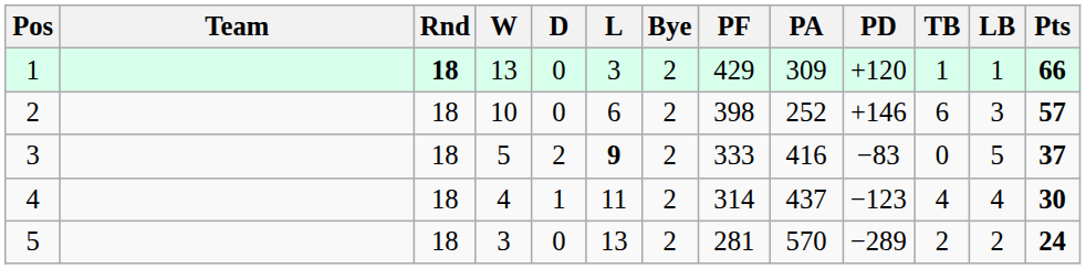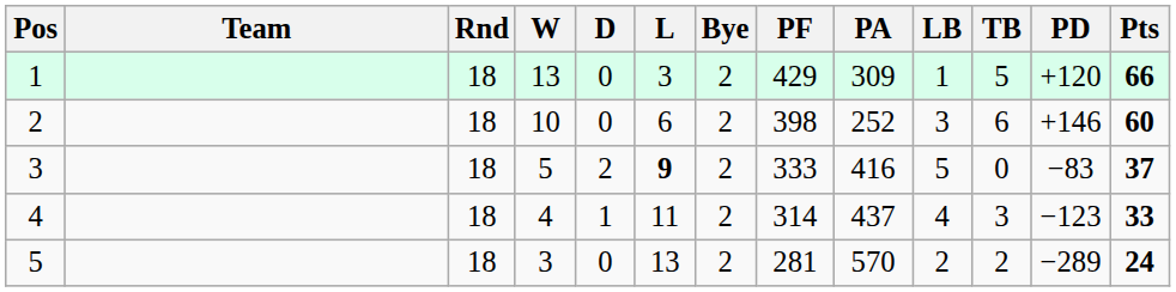 <table class="wikitable" style="text-align:center">
 <tr>
 <th style="width:25px">Pos</th>
 <th style="width:200px">Team</th>
 <th style="width:25px">Rnd</th>
 <th style="width:25px">W</th>
 <th style="width:25px">D</th>
 <th style="width:25px">L</th>
 <th style="width:25px">Bye</th>
 <th style="width:35px">PF</th>
 <th style="width:35px">PA</th>
+<th style="width:25px">LB</th>
+<th style="width:25px">TB</th>
 <th style="width:35px">PD</th>
-<th style="width:25px">TB</th>
-<th style="width:25px">LB</th>
 <th style="width:25px">Pts</th>
 </tr>
 <tr style="background:#d8ffeb">
 <td>1</td>
 <td align=left></td>
-<td><strong>18</strong></td>
+<td>18</td>
 <td>13</td>
 <td>0</td>
 <td>3</td>
 <td>2</td>
 <td>429</td>
 <td>309</td>
+<td>1</td>
+<td>5</td>
 <td>+120</td>
-<td>1</td>
-<td>1</td>
 <td><strong>66</strong></td>
 </tr>
 <tr>
 <td>2</td>
 <td align=left></td>
 <td>18</td>
 <td>10</td>
 <td>0</td>
 <td>6</td>
 <td>2</td>
 <td>398</td>
 <td>252</td>
+<td>3</td>
+<td>6</td>
 <td>+146</td>
-<td>6</td>
-<td>3</td>
-<td><strong>57</strong></td>
+<td><strong>60</strong></td>
 </tr>
 <tr>
 <td>3</td>
 <td align=left></td>
 <td>18</td>
 <td>5</td>
 <td>2</td>
 <td><strong>9</strong></td>
 <td>2</td>
 <td>333</td>
 <td>416</td>
+<td>5</td>
+<td>0</td>
 <td>−83</td>
-<td>0</td>
-<td>5</td>
 <td><strong>37</strong></td>
 </tr>
 <tr>
 <td>4</td>
 <td align=left></td>
 <td>18</td>
 <td>4</td>
 <td>1</td>
 <td>11</td>
 <td>2</td>
 <td>314</td>
 <td>437</td>
+<td>4</td>
+<td>3</td>
 <td>−123</td>
-<td>4</td>
-<td>4</td>
-<td><strong>30</strong></td>
+<td><strong>33</strong></td>
 </tr>
 <tr>
 <td>5</td>
 <td align=left></td>
 <td>18</td>
 <td>3</td>
 <td>0</td>
 <td>13</td>
 <td>2</td>
 <td>281</td>
 <td>570</td>
-<td>−289</td>
 <td>2</td>
 <td>2</td>
+<td>−289</td>
 <td><strong>24</strong></td>
 </tr>
 </table>
